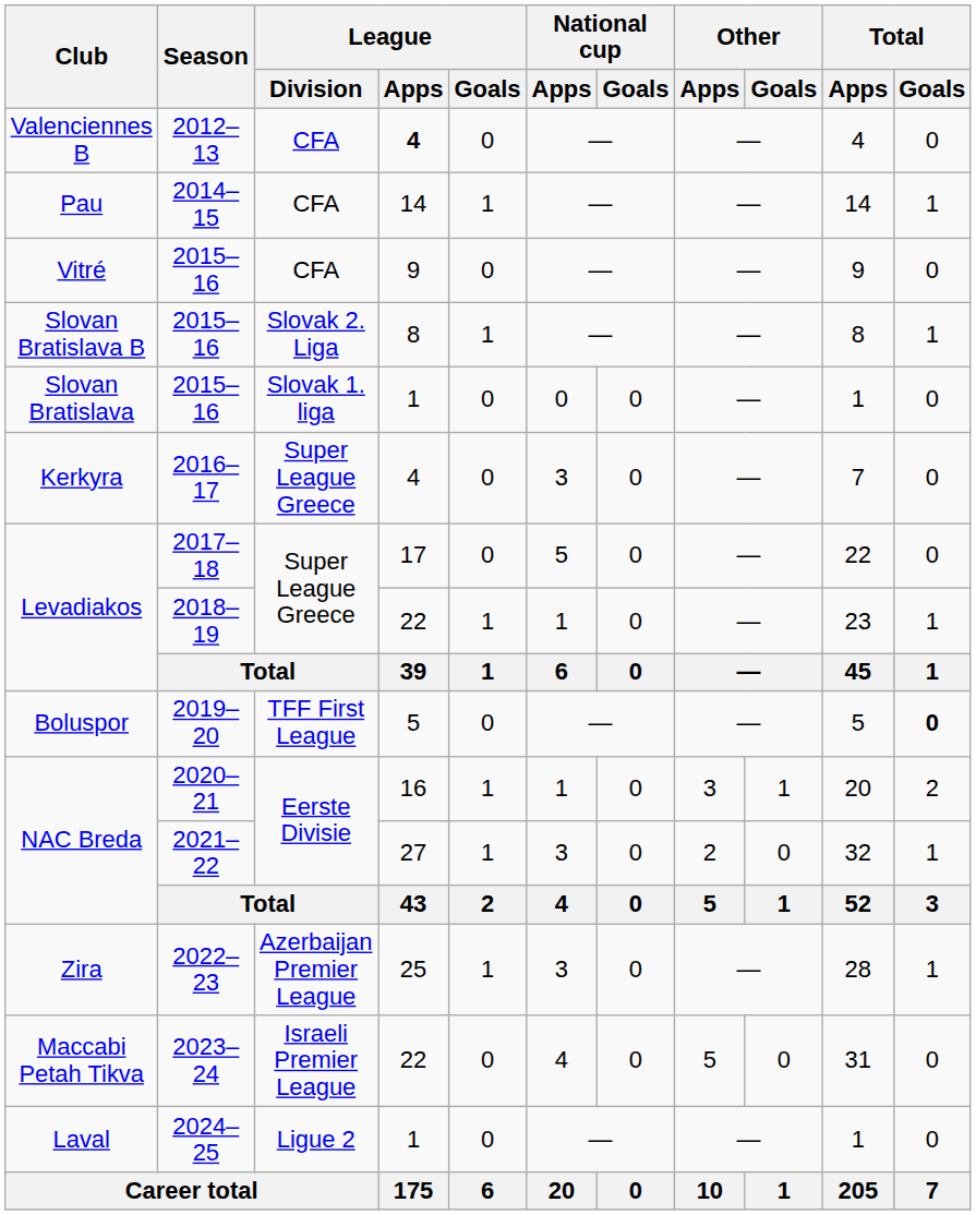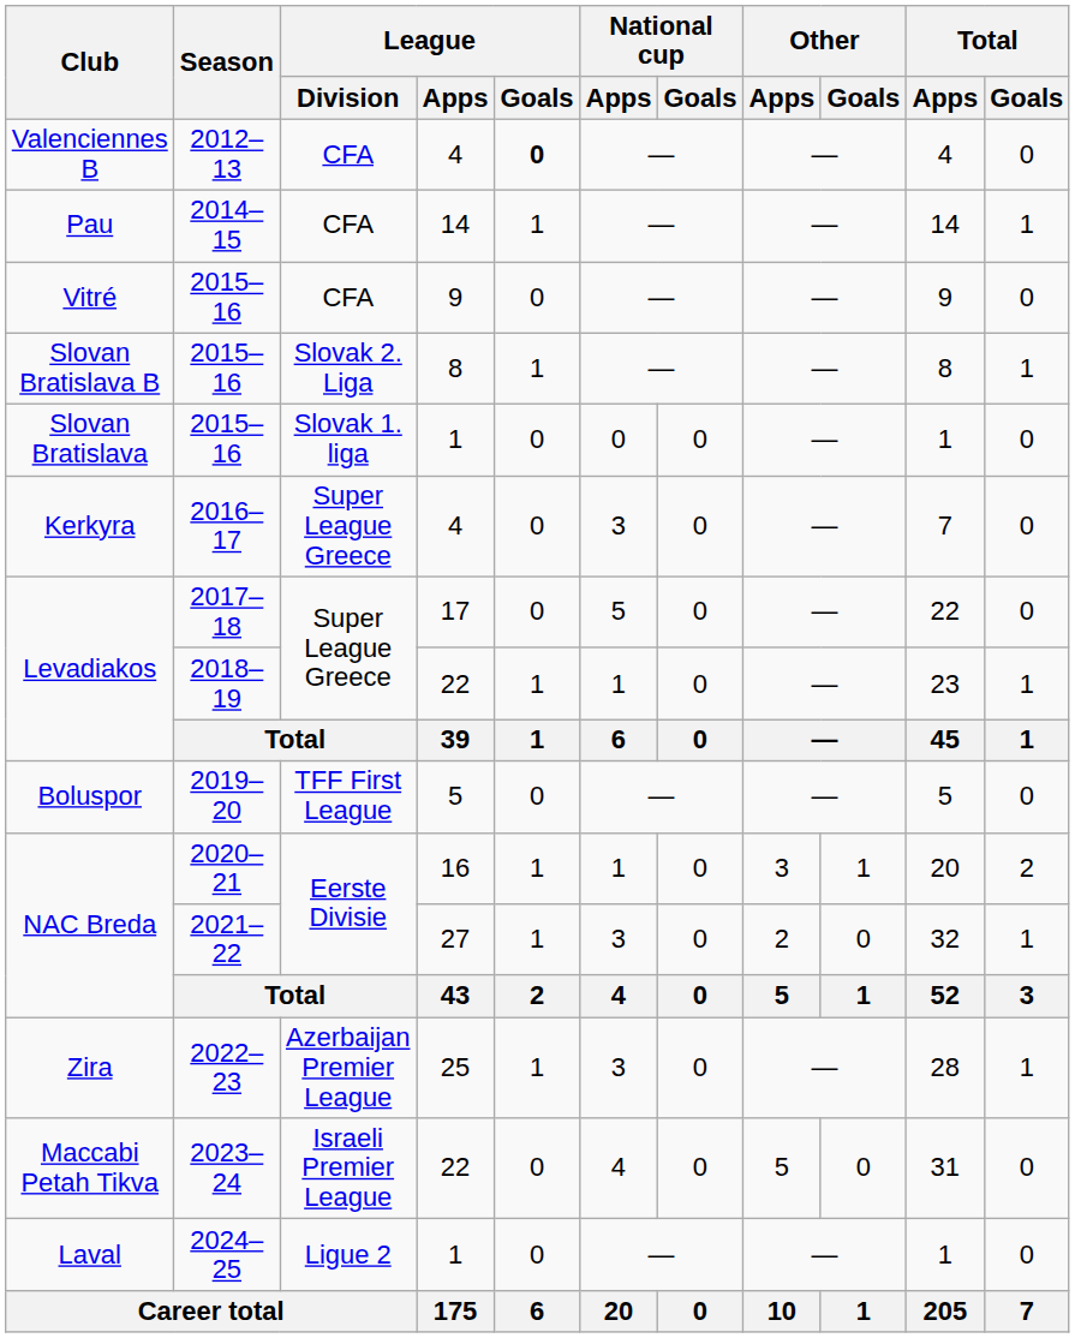 <table class="wikitable" style="text-align: center">
 <tr>
 <th rowspan="2">Club</th>
 <th rowspan="2">Season</th>
 <th colspan="3">League</th>
 <th colspan="2">National cup</th>
 <th colspan="2">Other</th>
 <th colspan="2">Total</th>
 </tr>
 <tr>
 <th>Division</th>
 <th>Apps</th>
 <th>Goals</th>
 <th>Apps</th>
 <th>Goals</th>
 <th>Apps</th>
 <th>Goals</th>
 <th>Apps</th>
 <th>Goals</th>
 </tr>
 <tr>
 <td><a href='#'>Valenciennes B</a></td>
 <td><a href='#'>2012–13</a></td>
 <td><a href='#'>CFA</a></td>
-<td><strong>4</strong></td>
-<td>0</td>
+<td>4</td>
+<td><strong>0</strong></td>
 <td colspan="2">—</td>
 <td colspan="2">—</td>
 <td>4</td>
 <td>0</td>
 </tr>
 <tr>
 <td><a href='#'>Pau</a></td>
 <td><a href='#'>2014–15</a></td>
 <td>CFA</td>
 <td>14</td>
 <td>1</td>
 <td colspan="2">—</td>
 <td colspan="2">—</td>
 <td>14</td>
 <td>1</td>
 </tr>
 <tr>
 <td><a href='#'>Vitré</a></td>
 <td><a href='#'>2015–16</a></td>
 <td>CFA</td>
 <td>9</td>
 <td>0</td>
 <td colspan="2">—</td>
 <td colspan="2">—</td>
 <td>9</td>
 <td>0</td>
 </tr>
 <tr>
 <td><a href='#'>Slovan Bratislava B</a></td>
 <td><a href='#'>2015–16</a></td>
 <td><a href='#'>Slovak 2. Liga</a></td>
 <td>8</td>
 <td>1</td>
 <td colspan="2">—</td>
 <td colspan="2">—</td>
 <td>8</td>
 <td>1</td>
 </tr>
 <tr>
 <td><a href='#'>Slovan Bratislava</a></td>
 <td><a href='#'>2015–16</a></td>
 <td><a href='#'>Slovak 1. liga</a></td>
 <td>1</td>
 <td>0</td>
 <td>0</td>
 <td>0</td>
 <td colspan="2">—</td>
 <td>1</td>
 <td>0</td>
 </tr>
 <tr>
 <td><a href='#'>Kerkyra</a></td>
 <td><a href='#'>2016–17</a></td>
 <td><a href='#'>Super League Greece</a></td>
 <td>4</td>
 <td>0</td>
 <td>3</td>
 <td>0</td>
 <td colspan="2">—</td>
 <td>7</td>
 <td>0</td>
 </tr>
 <tr>
 <td rowspan="3"><a href='#'>Levadiakos</a></td>
 <td><a href='#'>2017–18</a></td>
 <td rowspan="2">Super League Greece</td>
 <td>17</td>
 <td>0</td>
 <td>5</td>
 <td>0</td>
 <td colspan="2">—</td>
 <td>22</td>
 <td>0</td>
 </tr>
 <tr>
 <td><a href='#'>2018–19</a></td>
 <td>22</td>
 <td>1</td>
 <td>1</td>
 <td>0</td>
 <td colspan="2">—</td>
 <td>23</td>
 <td>1</td>
 </tr>
 <tr>
 <th colspan="2">Total</th>
 <th>39</th>
 <th>1</th>
 <th>6</th>
 <th>0</th>
 <th colspan="2">—</th>
 <th>45</th>
 <th>1</th>
 </tr>
 <tr>
 <td><a href='#'>Boluspor</a></td>
 <td><a href='#'>2019–20</a></td>
 <td><a href='#'>TFF First League</a></td>
 <td>5</td>
 <td>0</td>
 <td colspan="2">—</td>
 <td colspan="2">—</td>
 <td>5</td>
-<td><strong>0</strong></td>
+<td>0</td>
 </tr>
 <tr>
 <td rowspan="3"><a href='#'>NAC Breda</a></td>
 <td><a href='#'>2020–21</a></td>
 <td rowspan="2"><a href='#'>Eerste Divisie</a></td>
 <td>16</td>
 <td>1</td>
 <td>1</td>
 <td>0</td>
 <td>3</td>
 <td>1</td>
 <td>20</td>
 <td>2</td>
 </tr>
 <tr>
 <td><a href='#'>2021–22</a></td>
 <td>27</td>
 <td>1</td>
 <td>3</td>
 <td>0</td>
 <td>2</td>
 <td>0</td>
 <td>32</td>
 <td>1</td>
 </tr>
 <tr>
 <th colspan="2">Total</th>
 <th>43</th>
 <th>2</th>
 <th>4</th>
 <th>0</th>
 <th>5</th>
 <th>1</th>
 <th>52</th>
 <th>3</th>
 </tr>
 <tr>
 <td><a href='#'>Zira</a></td>
 <td><a href='#'>2022–23</a></td>
 <td><a href='#'>Azerbaijan Premier League</a></td>
 <td>25</td>
 <td>1</td>
 <td>3</td>
 <td>0</td>
 <td colspan="2">—</td>
 <td>28</td>
 <td>1</td>
 </tr>
 <tr>
 <td><a href='#'>Maccabi Petah Tikva</a></td>
 <td><a href='#'>2023–24</a></td>
 <td><a href='#'>Israeli Premier League</a></td>
 <td>22</td>
 <td>0</td>
 <td>4</td>
 <td>0</td>
 <td>5</td>
 <td>0</td>
 <td>31</td>
 <td>0</td>
 </tr>
 <tr>
 <td><a href='#'>Laval</a></td>
 <td><a href='#'>2024–25</a></td>
 <td><a href='#'>Ligue 2</a></td>
 <td>1</td>
 <td>0</td>
 <td colspan="2">—</td>
 <td colspan="2">—</td>
 <td>1</td>
 <td>0</td>
 </tr>
 <tr>
 <th colspan="3">Career total</th>
 <th>175</th>
 <th>6</th>
 <th>20</th>
 <th>0</th>
 <th>10</th>
 <th>1</th>
 <th>205</th>
 <th>7</th>
 </tr>
 </table>
